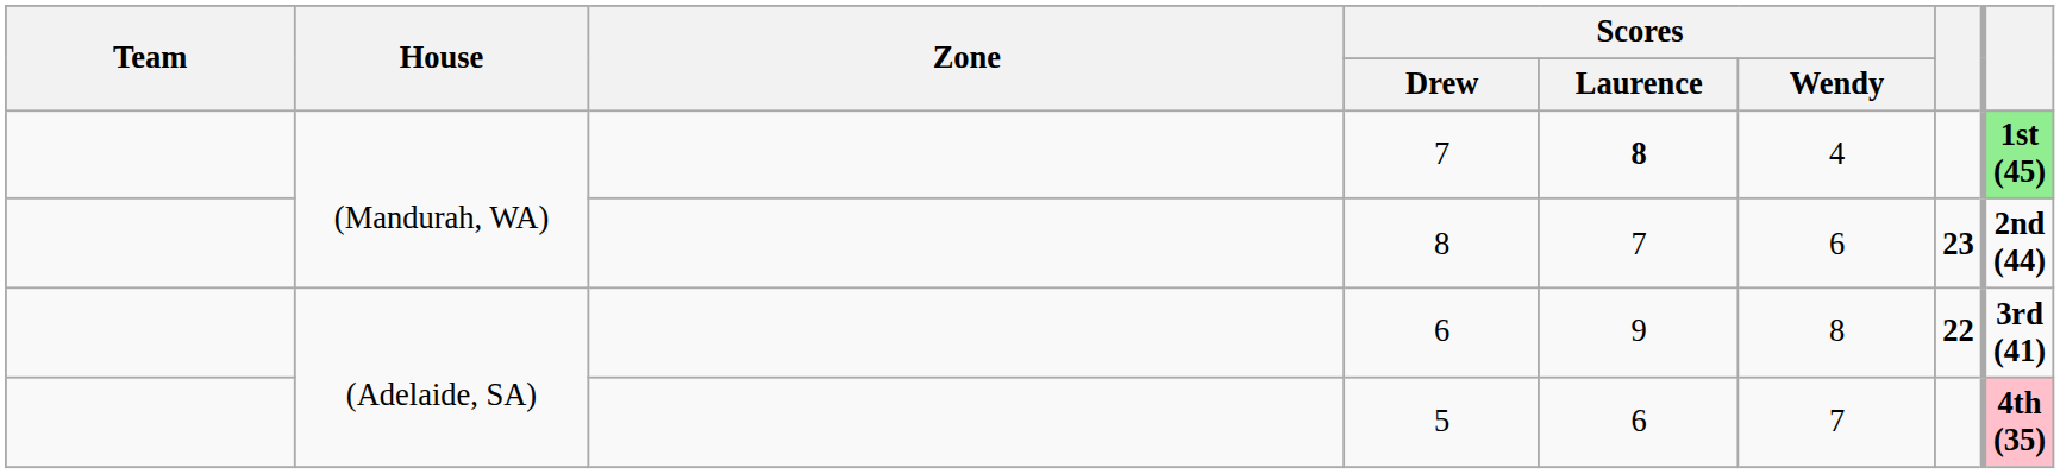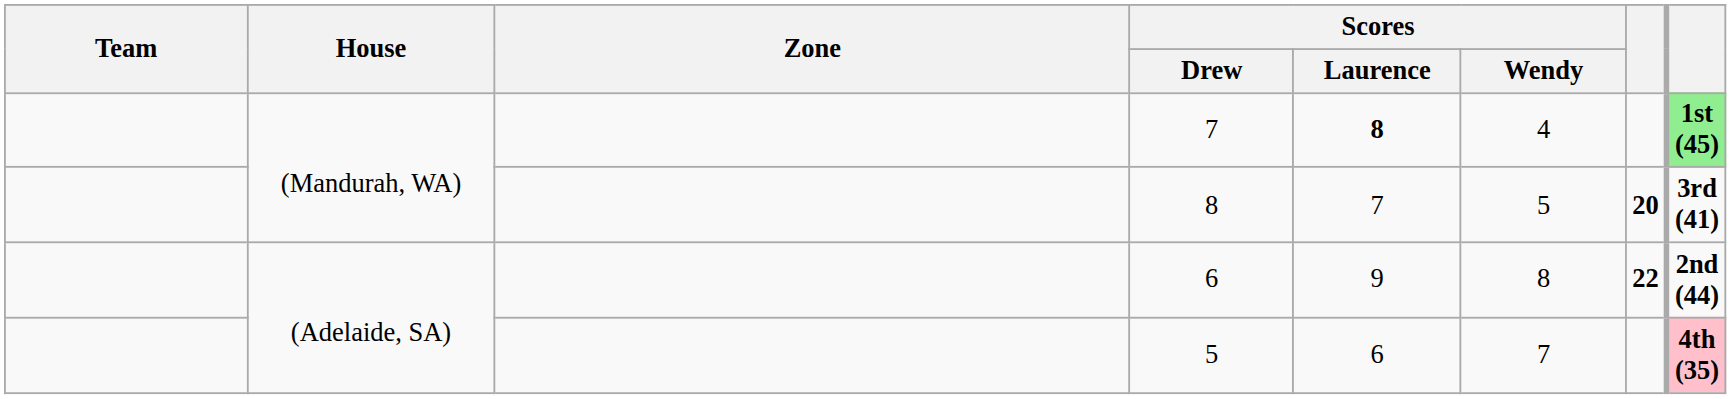 <table class="wikitable plainrowheaders" style="text-align:center; font-size:90%; width:65em;">
 <tr>
 <th rowspan="2">Team</th>
 <th rowspan="2">House</th>
 <th rowspan="2" style="width:40%;">Zone</th>
 <th colspan="3" style="width:30%;">Scores</th>
 <th rowspan="2" style="width:15%;"></th>
 <th rowspan="2" style="width:15%; border-left:3px solid #aaa;"></th>
 </tr>
 <tr>
 <th style="width:10%;">Drew</th>
 <th style="width:10%;">Laurence</th>
 <th style="width:10%;">Wendy</th>
 </tr>
 <tr>
 <td style="width:15%;"></td>
 <td rowspan=2 style="width:15%;"><br>(Mandurah, WA)</td>
 <td></td>
 <td>7</td>
 <td><strong>8</strong></td>
 <td>4</td>
 <td></td>
 <td style="border-left:3px solid #aaa;" bgcolor="lightgreen"><strong>1st (45)</strong></td>
 </tr>
 <tr>
 <td style="width:15%;"></td>
 <td></td>
 <td>8</td>
 <td>7</td>
-<td>6</td>
-<td><strong>23</strong></td>
-<td style="border-left:3px solid #aaa;"><strong>2nd (44)</strong></td>
+<td>5</td>
+<td><strong>20</strong></td>
+<td style="border-left:3px solid #aaa;"><strong>3rd (41)</strong></td>
 </tr>
 <tr>
 <td style="width:15%;"></td>
 <td rowspan=2 style="width:15%;"><br>(Adelaide, SA)</td>
 <td></td>
 <td>6</td>
 <td>9</td>
 <td>8</td>
 <td><strong>22</strong></td>
-<td style="border-left:3px solid #aaa;"><strong>3rd (41)</strong></td>
+<td style="border-left:3px solid #aaa;"><strong>2nd (44)</strong></td>
 </tr>
 <tr>
 <td style="width:15%;"></td>
 <td></td>
 <td>5</td>
 <td>6</td>
 <td>7</td>
 <td></td>
 <td style="border-left:3px solid #aaa;" bgcolor="pink"><strong>4th (35)</strong></td>
 </tr>
 </table>
